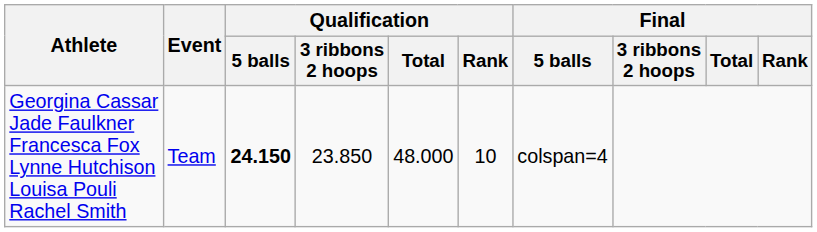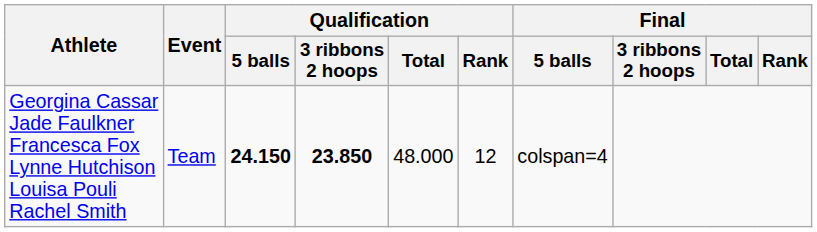 <table class="wikitable" style="font-size:90%">
 <tr>
 <th rowspan="2">Athlete</th>
 <th rowspan="2">Event</th>
 <th colspan="4">Qualification</th>
 <th colspan="4">Final</th>
 </tr>
 <tr style="font-size:95%">
 <th>5 balls</th>
 <th>3 ribbons<br>2 hoops</th>
 <th>Total</th>
 <th>Rank</th>
 <th>5 balls</th>
 <th>3 ribbons<br>2 hoops</th>
 <th>Total</th>
 <th>Rank</th>
 </tr>
 <tr align=center>
 <td align=left><a href='#'>Georgina Cassar</a> <br><a href='#'>Jade Faulkner</a><br><a href='#'>Francesca Fox</a><br><a href='#'>Lynne Hutchison</a> <br><a href='#'>Louisa Pouli</a> <br><a href='#'>Rachel Smith</a></td>
 <td align=left><a href='#'>Team</a></td>
 <td><strong>24.150</strong></td>
-<td>23.850</td>
+<td><strong>23.850</strong></td>
 <td>48.000</td>
-<td>10</td>
+<td>12</td>
 <td>colspan=4 </td>
 </tr>
 </table>
